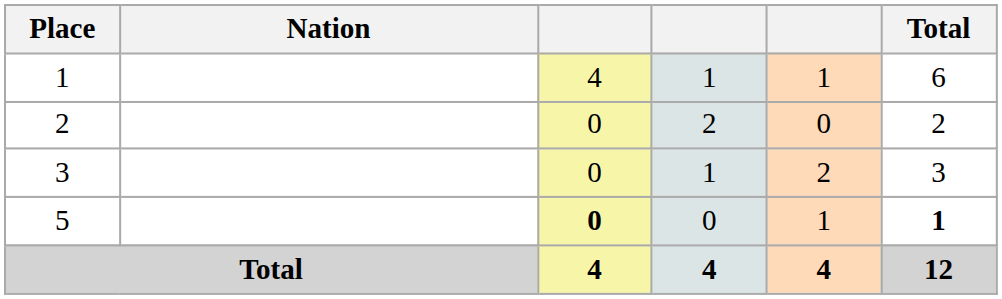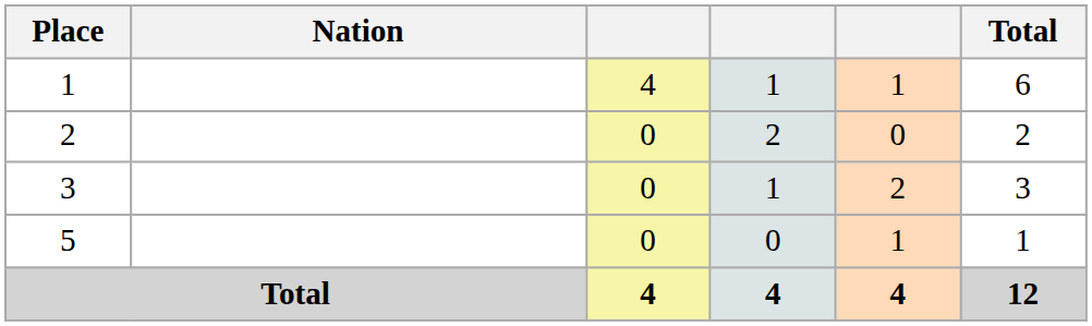 <table class=wikitable style="border:1px solid #AAAAAA;font-size:90%">
 <tr bgcolor="#EFEFEF">
 <th width=50>Place</th>
 <th width=200>Nation</th>
 <th width=50></th>
 <th width=50></th>
 <th width=50></th>
 <th width=50>Total</th>
 </tr>
 <tr align="center" valign="top" bgcolor="#FFFFFF">
 <td>1</td>
 <td align="left"></td>
 <td style="background:#F7F6A8;">4</td>
 <td style="background:#DCE5E5;">1</td>
 <td style="background:#FFDAB9;">1</td>
 <td>6</td>
 </tr>
 <tr align="center" valign="top" bgcolor="#FFFFFF">
 <td>2</td>
 <td align="left"></td>
 <td style="background:#F7F6A8;">0</td>
 <td style="background:#DCE5E5;">2</td>
 <td style="background:#FFDAB9;">0</td>
 <td>2</td>
 </tr>
 <tr align="center" valign="top" bgcolor="#FFFFFF">
 <td>3</td>
 <td align="left"></td>
 <td style="background:#F7F6A8;">0</td>
 <td style="background:#DCE5E5;">1</td>
 <td style="background:#FFDAB9;">2</td>
 <td>3</td>
 </tr>
 <tr align="center" valign="top" bgcolor="#FFFFFF">
 <td>5</td>
 <td align="left"></td>
-<td style="background:#F7F6A8;"><strong>0</strong></td>
+<td style="background:#F7F6A8;">0</td>
 <td style="background:#DCE5E5;">0</td>
 <td style="background:#FFDAB9;">1</td>
-<td><strong>1</strong></td>
+<td>1</td>
 </tr>
 <tr align="center">
 <td colspan="2" bgcolor=D3D3D3><strong>Total</strong></td>
 <td style="background:#F7F6A8;"><strong>4</strong></td>
 <td style="background:#DCE5E5;"><strong>4</strong></td>
 <td style="background:#FFDAB9;"><strong>4</strong></td>
 <td bgcolor=D3D3D3><strong>12</strong></td>
 </tr>
 </table>
